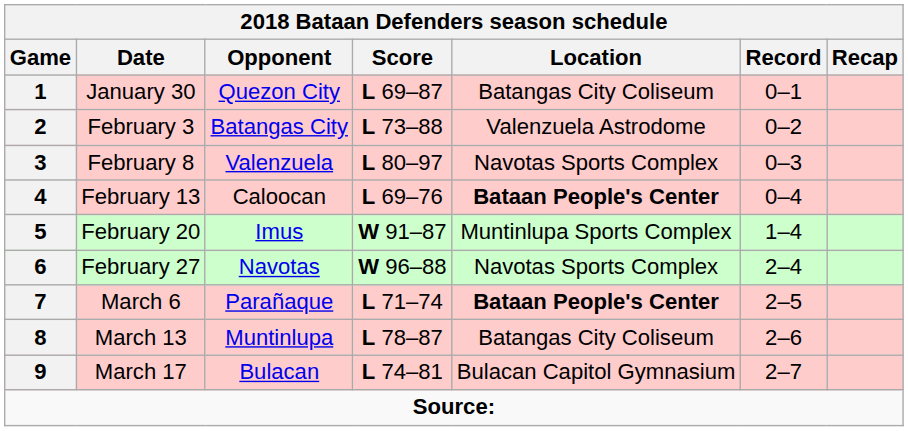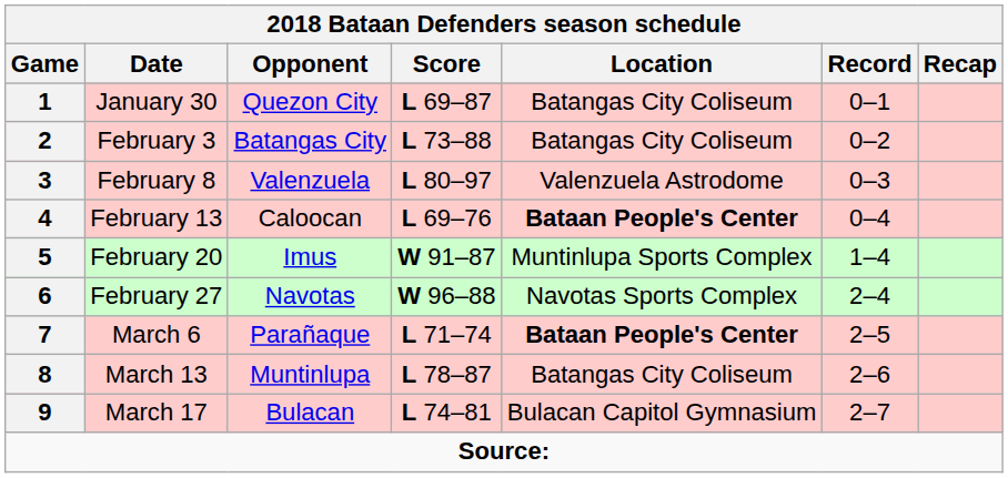 <table class="wikitable" style="text-align:center">
 <tr>
 <th colspan=7>2018 Bataan Defenders season schedule</th>
 </tr>
 <tr>
 <th>Game</th>
 <th>Date</th>
 <th>Opponent</th>
 <th>Score</th>
 <th>Location</th>
 <th>Record</th>
 <th>Recap</th>
 </tr>
 <tr style="background:#fcc">
 <th>1</th>
 <td>January 30</td>
 <td><a href='#'>Quezon City</a></td>
 <td><strong>L</strong> 69–87</td>
 <td>Batangas City Coliseum</td>
 <td>0–1</td>
 <td></td>
 </tr>
 <tr style="background:#fcc">
 <th>2</th>
 <td>February 3</td>
 <td><a href='#'>Batangas City</a></td>
 <td><strong>L</strong> 73–88</td>
-<td>Valenzuela Astrodome</td>
+<td>Batangas City Coliseum</td>
 <td>0–2</td>
 <td></td>
 </tr>
 <tr style="background:#fcc">
 <th>3</th>
 <td>February 8</td>
 <td><a href='#'>Valenzuela</a></td>
 <td><strong>L</strong> 80–97</td>
-<td>Navotas Sports Complex</td>
+<td>Valenzuela Astrodome</td>
 <td>0–3</td>
 <td></td>
 </tr>
 <tr style="background:#fcc">
 <th>4</th>
 <td>February 13</td>
 <td>Caloocan</td>
 <td><strong>L</strong> 69–76</td>
 <td><strong>Bataan People's Center</strong></td>
 <td>0–4</td>
 <td></td>
 </tr>
 <tr style="background:#cfc">
 <th>5</th>
 <td>February 20</td>
 <td><a href='#'>Imus</a></td>
 <td><strong>W</strong> 91–87</td>
 <td>Muntinlupa Sports Complex</td>
 <td>1–4</td>
 <td></td>
 </tr>
 <tr style="background:#cfc">
 <th>6</th>
 <td>February 27</td>
 <td><a href='#'>Navotas</a></td>
 <td><strong>W</strong> 96–88</td>
 <td>Navotas Sports Complex</td>
 <td>2–4</td>
 <td></td>
 </tr>
 <tr style="background:#fcc">
 <th>7</th>
 <td>March 6</td>
 <td><a href='#'>Parañaque</a></td>
 <td><strong>L</strong> 71–74</td>
 <td><strong>Bataan People's Center</strong></td>
 <td>2–5</td>
 <td></td>
 </tr>
 <tr style="background:#fcc">
 <th>8</th>
 <td>March 13</td>
 <td><a href='#'>Muntinlupa</a></td>
 <td><strong>L</strong> 78–87</td>
 <td>Batangas City Coliseum</td>
 <td>2–6</td>
 <td></td>
 </tr>
 <tr style="background:#fcc">
 <th>9</th>
 <td>March 17</td>
 <td><a href='#'>Bulacan</a></td>
 <td><strong>L</strong> 74–81</td>
 <td>Bulacan Capitol Gymnasium</td>
 <td>2–7</td>
 <td></td>
 </tr>
 <tr>
 <td colspan=7 align=center><strong>Source: </strong></td>
 </tr>
 </table>
